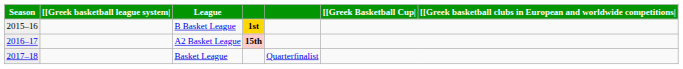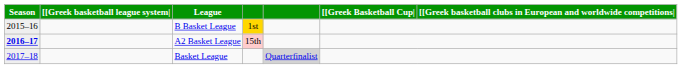 <table class="wikitable" style="font-size:85%; text-align:left">
 <tr>
 <th style="color:white; background:#039502;">Season</th>
 <th style="color:white; background:#039502;">[[Greek basketball league system|</th>
 <th style="color:white; background:#039502;">League</th>
 <th style="color:white; background:#039502;"></th>
 <th style="color:white; background:#039502;"></th>
 <th style="color:white; background:#039502;">[[Greek Basketball Cup|</th>
 <th style="color:white; background:#039502;"colspan=2>[[Greek basketball clubs in European and worldwide competitions|</th>
 </tr>
 <tr>
 <td bgcolor=#efefef>2015–16</td>
 <td></td>
 <td align=left><a href='#'>B Basket League</a></td>
-<td bgcolor="gold" align="center"><strong>1st</strong></td>
+<td bgcolor="gold" align="center">1st</td>
 <td></td>
 <td colspan=3></td>
 </tr>
 <tr>
-<td bgcolor=#efefef><a href='#'>2016–17</a></td>
+<td bgcolor=#efefef><strong><a href='#'>2016–17</a></strong></td>
 <td></td>
 <td align=left><a href='#'>A2 Basket League</a></td>
-<td style="text-align:center; background:#fcc;"><strong>15th</strong></td>
+<td style="text-align:center; background:#fcc;">15th</td>
 <td></td>
 <td colspan=3></td>
 </tr>
 <tr>
 <td bgcolor=#efefef><a href='#'>2017–18</a></td>
 <td></td>
 <td align=left><a href='#'>Basket League</a></td>
 <td></td>
-<td><a href='#'>Quarterfinalist</a></td>
+<td style="background: lightgrey;"><a href='#'>Quarterfinalist</a></td>
 <td colspan=3></td>
 </tr>
 </table>
